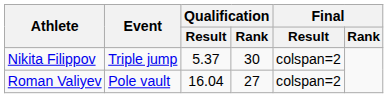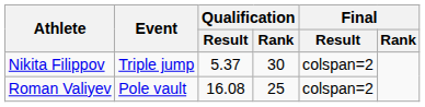 <table class="wikitable" style="font-size:90%">
 <tr>
 <th rowspan="2">Athlete</th>
 <th rowspan="2">Event</th>
 <th colspan="2">Qualification</th>
 <th colspan="2">Final</th>
 </tr>
 <tr style="font-size:95%">
 <th>Result</th>
 <th>Rank</th>
 <th>Result</th>
 <th>Rank</th>
 </tr>
 <tr style=text-align:center>
 <td style=text-align:left><a href='#'>Nikita Filippov</a></td>
 <td style=text-align:left><a href='#'>Triple jump</a></td>
 <td>5.37</td>
 <td>30</td>
 <td>colspan=2 </td>
 </tr>
 <tr style=text-align:center>
 <td style=text-align:left><a href='#'>Roman Valiyev</a></td>
 <td style=text-align:left><a href='#'>Pole vault</a></td>
-<td>16.04</td>
-<td>27</td>
+<td>16.08</td>
+<td>25</td>
 <td>colspan=2 </td>
 </tr>
 </table>
